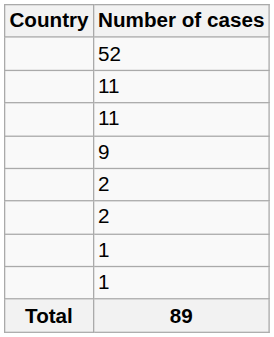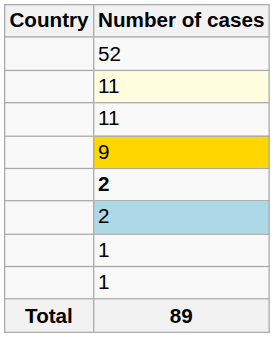 <table class="wikitable">
 <tr>
 <th>Country</th>
 <th>Number of cases</th>
 </tr>
 <tr>
 <td></td>
 <td>52</td>
 </tr>
 <tr>
 <td></td>
-<td>11</td>
+<td style="background: lightyellow;">11</td>
 </tr>
 <tr>
 <td></td>
 <td>11</td>
 </tr>
 <tr>
 <td></td>
-<td>9</td>
+<td style="background: gold;">9</td>
 </tr>
 <tr>
 <td></td>
-<td>2</td>
+<td><strong>2</strong></td>
 </tr>
 <tr>
 <td></td>
-<td>2</td>
+<td style="background: lightblue;">2</td>
 </tr>
 <tr>
 <td></td>
 <td>1</td>
 </tr>
 <tr>
 <td></td>
 <td>1</td>
 </tr>
 <tr>
 <th>Total</th>
 <th>89</th>
 </tr>
 </table>
